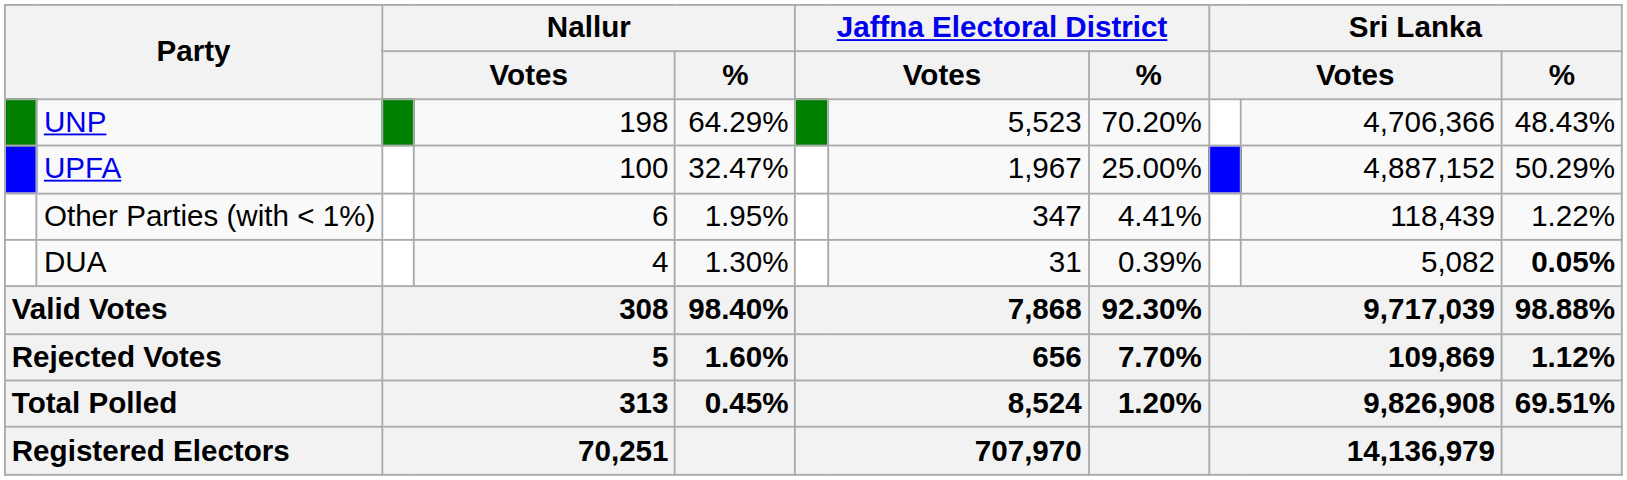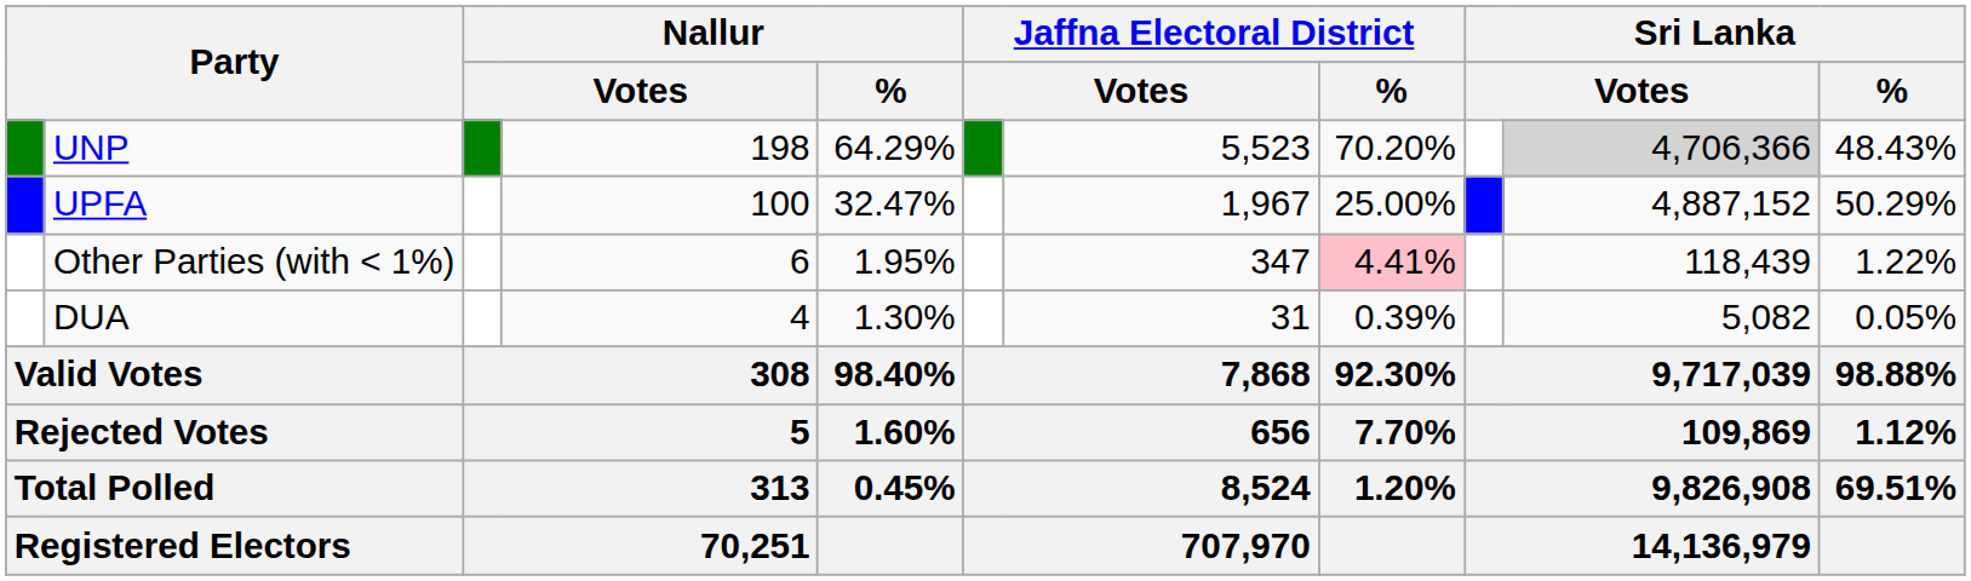 <table class="wikitable">
 <tr>
 <th colspan="2" width="144px"rowspan="2">Party</th>
 <th colspan="3" width="216px">Nallur</th>
 <th colspan="3" width="216px"><a href='#'>Jaffna Electoral District</a></th>
 <th colspan="3" width="216px">Sri Lanka</th>
 </tr>
 <tr>
 <th colspan="2" width="144px">Votes</th>
 <th>%</th>
 <th colspan="2" width="144px">Votes</th>
 <th>%</th>
 <th colspan="2" width="144px">Votes</th>
 <th>%</th>
 </tr>
 <tr>
 <td style="background-color:green;" width="10px"></td>
 <td style="text-align:left;"><a href='#'>UNP</a></td>
 <td style="background-color:green;" width="10px"></td>
 <td style="text-align:right;">198</td>
 <td style="text-align:right;">64.29%</td>
 <td style="background-color:green;" width="10px"></td>
 <td style="text-align:right;">5,523</td>
 <td style="text-align:right;">70.20%</td>
 <td style="background-color:white;" width="10px"></td>
-<td style="text-align:right;">4,706,366</td>
+<td style="background: lightgrey; text-align:right;">4,706,366</td>
 <td style="text-align:right;">48.43%</td>
 </tr>
 <tr>
 <td style="background-color:blue;" width="10px"></td>
 <td style="text-align:left;"><a href='#'>UPFA</a></td>
 <td style="background-color:white;" width="10px"></td>
 <td style="text-align:right;">100</td>
 <td style="text-align:right;">32.47%</td>
 <td style="background-color:white;" width="10px"></td>
 <td style="text-align:right;">1,967</td>
 <td style="text-align:right;">25.00%</td>
 <td style="background-color:blue;" width="10px"></td>
 <td style="text-align:right;">4,887,152</td>
 <td style="text-align:right;">50.29%</td>
 </tr>
 <tr>
 <td style="background-color:white;" width="10px"></td>
 <td style="text-align:left;">Other Parties (with < 1%)</td>
 <td style="background-color:white;" width="10px"></td>
 <td style="text-align:right;">6</td>
 <td style="text-align:right;">1.95%</td>
 <td style="background-color:white;" width="10px"></td>
 <td style="text-align:right;">347</td>
-<td style="text-align:right;">4.41%</td>
+<td style="background: pink; text-align:right;">4.41%</td>
 <td style="background-color:white;" width="10px"></td>
 <td style="text-align:right;">118,439</td>
 <td style="text-align:right;">1.22%</td>
 </tr>
 <tr>
 <td style="background-color:white;" width="10px"></td>
 <td style="text-align:left;">DUA</td>
 <td style="background-color:white;" width="10px"></td>
 <td style="text-align:right;">4</td>
 <td style="text-align:right;">1.30%</td>
 <td style="background-color:white;" width="10px"></td>
 <td style="text-align:right;">31</td>
 <td style="text-align:right;">0.39%</td>
 <td style="background-color:white;" width="10px"></td>
 <td style="text-align:right;">5,082</td>
-<td style="text-align:right;"><strong>0.05%</strong></td>
+<td style="text-align:right;">0.05%</td>
 </tr>
 <tr>
 <th colspan="2" width="144px"style="text-align:left;">Valid Votes</th>
 <th style="text-align:right;"colspan="2" width="144px">308</th>
 <th style="text-align:right;">98.40%</th>
 <th style="text-align:right;"colspan="2" width="144px">7,868</th>
 <th style="text-align:right;">92.30%</th>
 <th style="text-align:right;"colspan="2" width="144px">9,717,039</th>
 <th style="text-align:right;">98.88%</th>
 </tr>
 <tr>
 <th colspan="2" width="144px"style="text-align:left;">Rejected Votes</th>
 <th style="text-align:right;"colspan="2" width="144px">5</th>
 <th style="text-align:right;">1.60%</th>
 <th style="text-align:right;"colspan="2" width="144px">656</th>
 <th style="text-align:right;">7.70%</th>
 <th style="text-align:right;"colspan="2" width="144px">109,869</th>
 <th style="text-align:right;">1.12%</th>
 </tr>
 <tr>
 <th colspan="2" width="144px"style="text-align:left;">Total Polled</th>
 <th style="text-align:right;"colspan="2" width="144px">313</th>
 <th style="text-align:right;">0.45%</th>
 <th style="text-align:right;"colspan="2" width="144px">8,524</th>
 <th style="text-align:right;">1.20%</th>
 <th style="text-align:right;"colspan="2" width="144px">9,826,908</th>
 <th style="text-align:right;">69.51%</th>
 </tr>
 <tr>
 <th colspan="2" width="144px"style="text-align:left;">Registered Electors</th>
 <th style="text-align:right;"colspan="2" width="144px">70,251</th>
 <th></th>
 <th style="text-align:right;"colspan="2" width="144px">707,970</th>
 <th></th>
 <th style="text-align:right;"colspan="2" width="144px">14,136,979</th>
 <th></th>
 </tr>
 </table>
